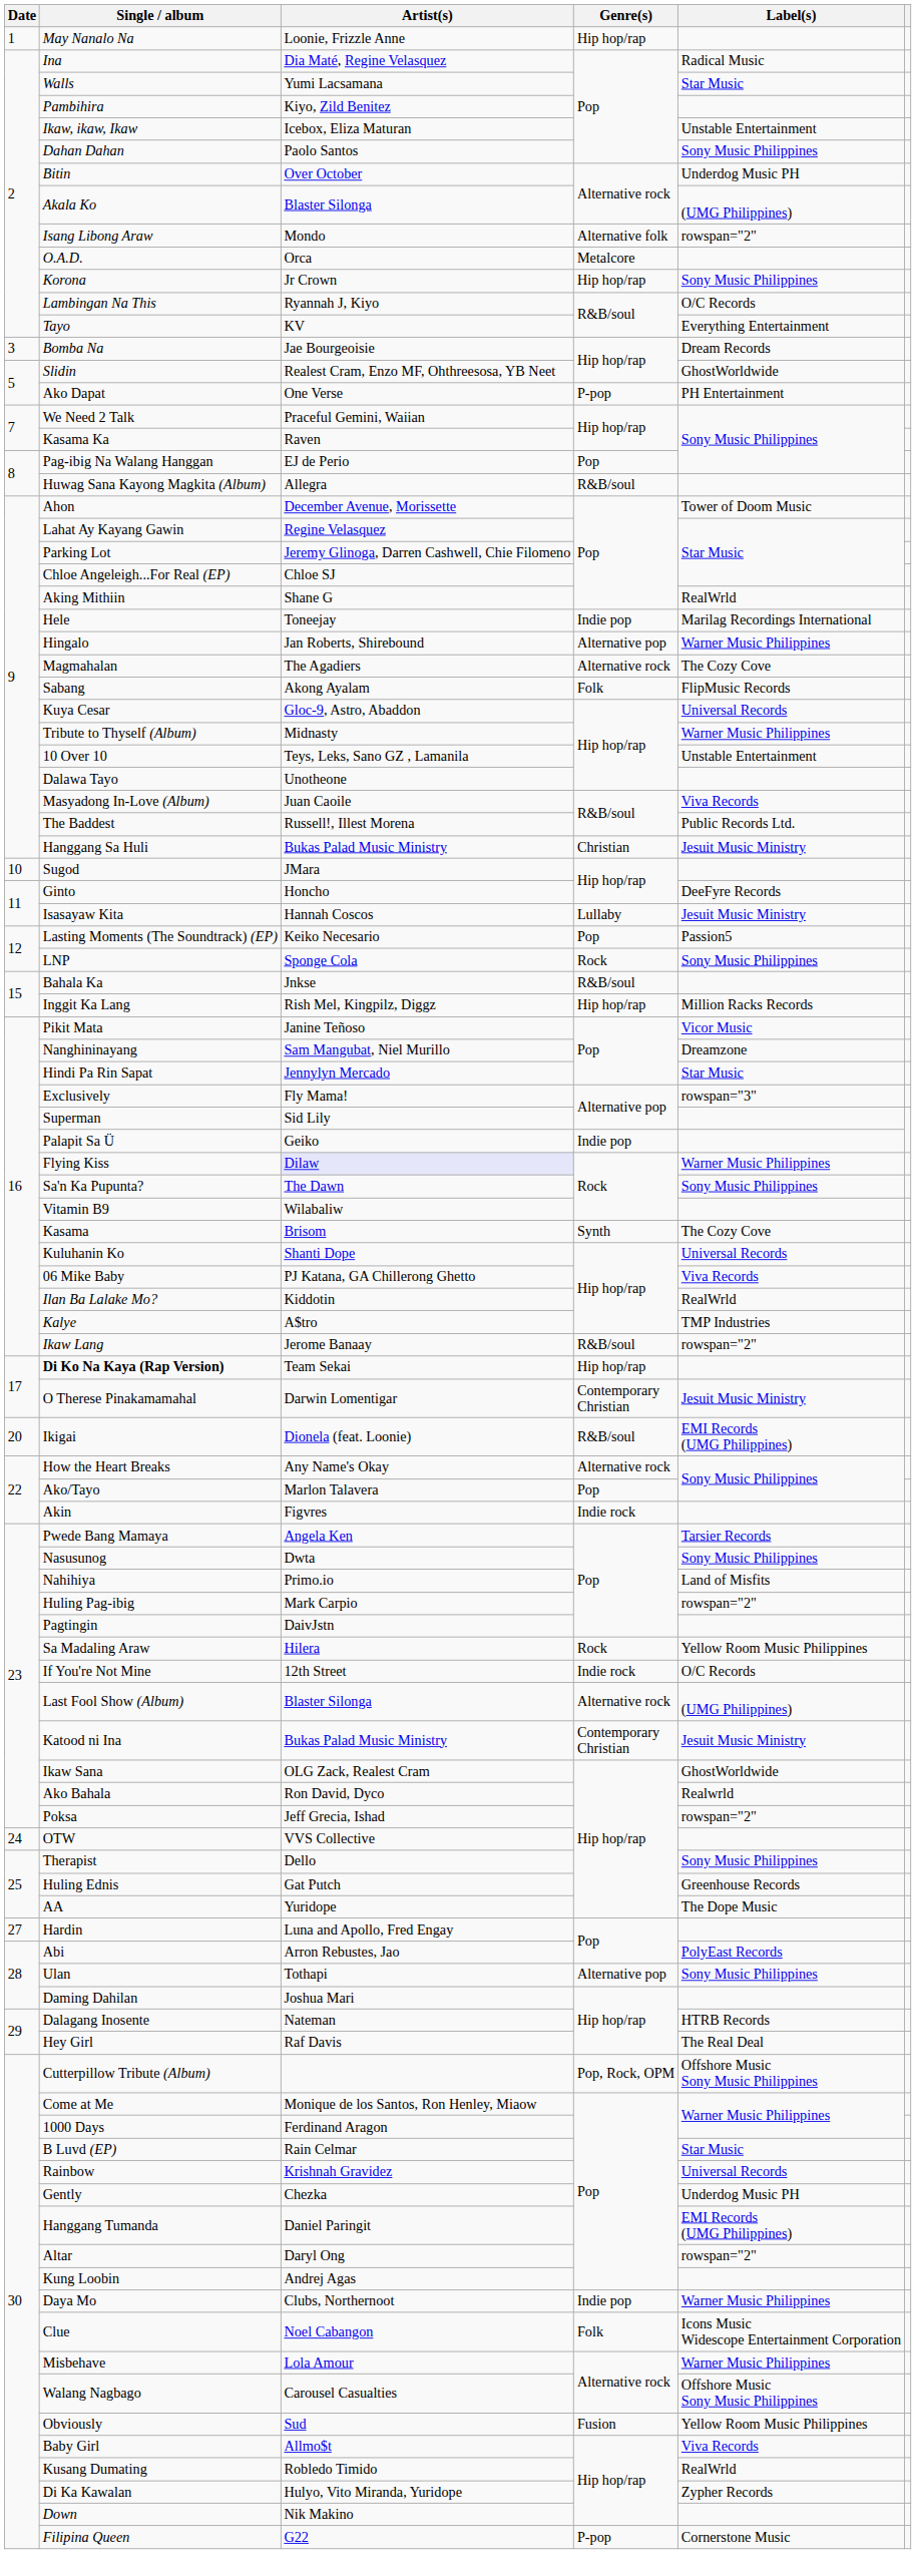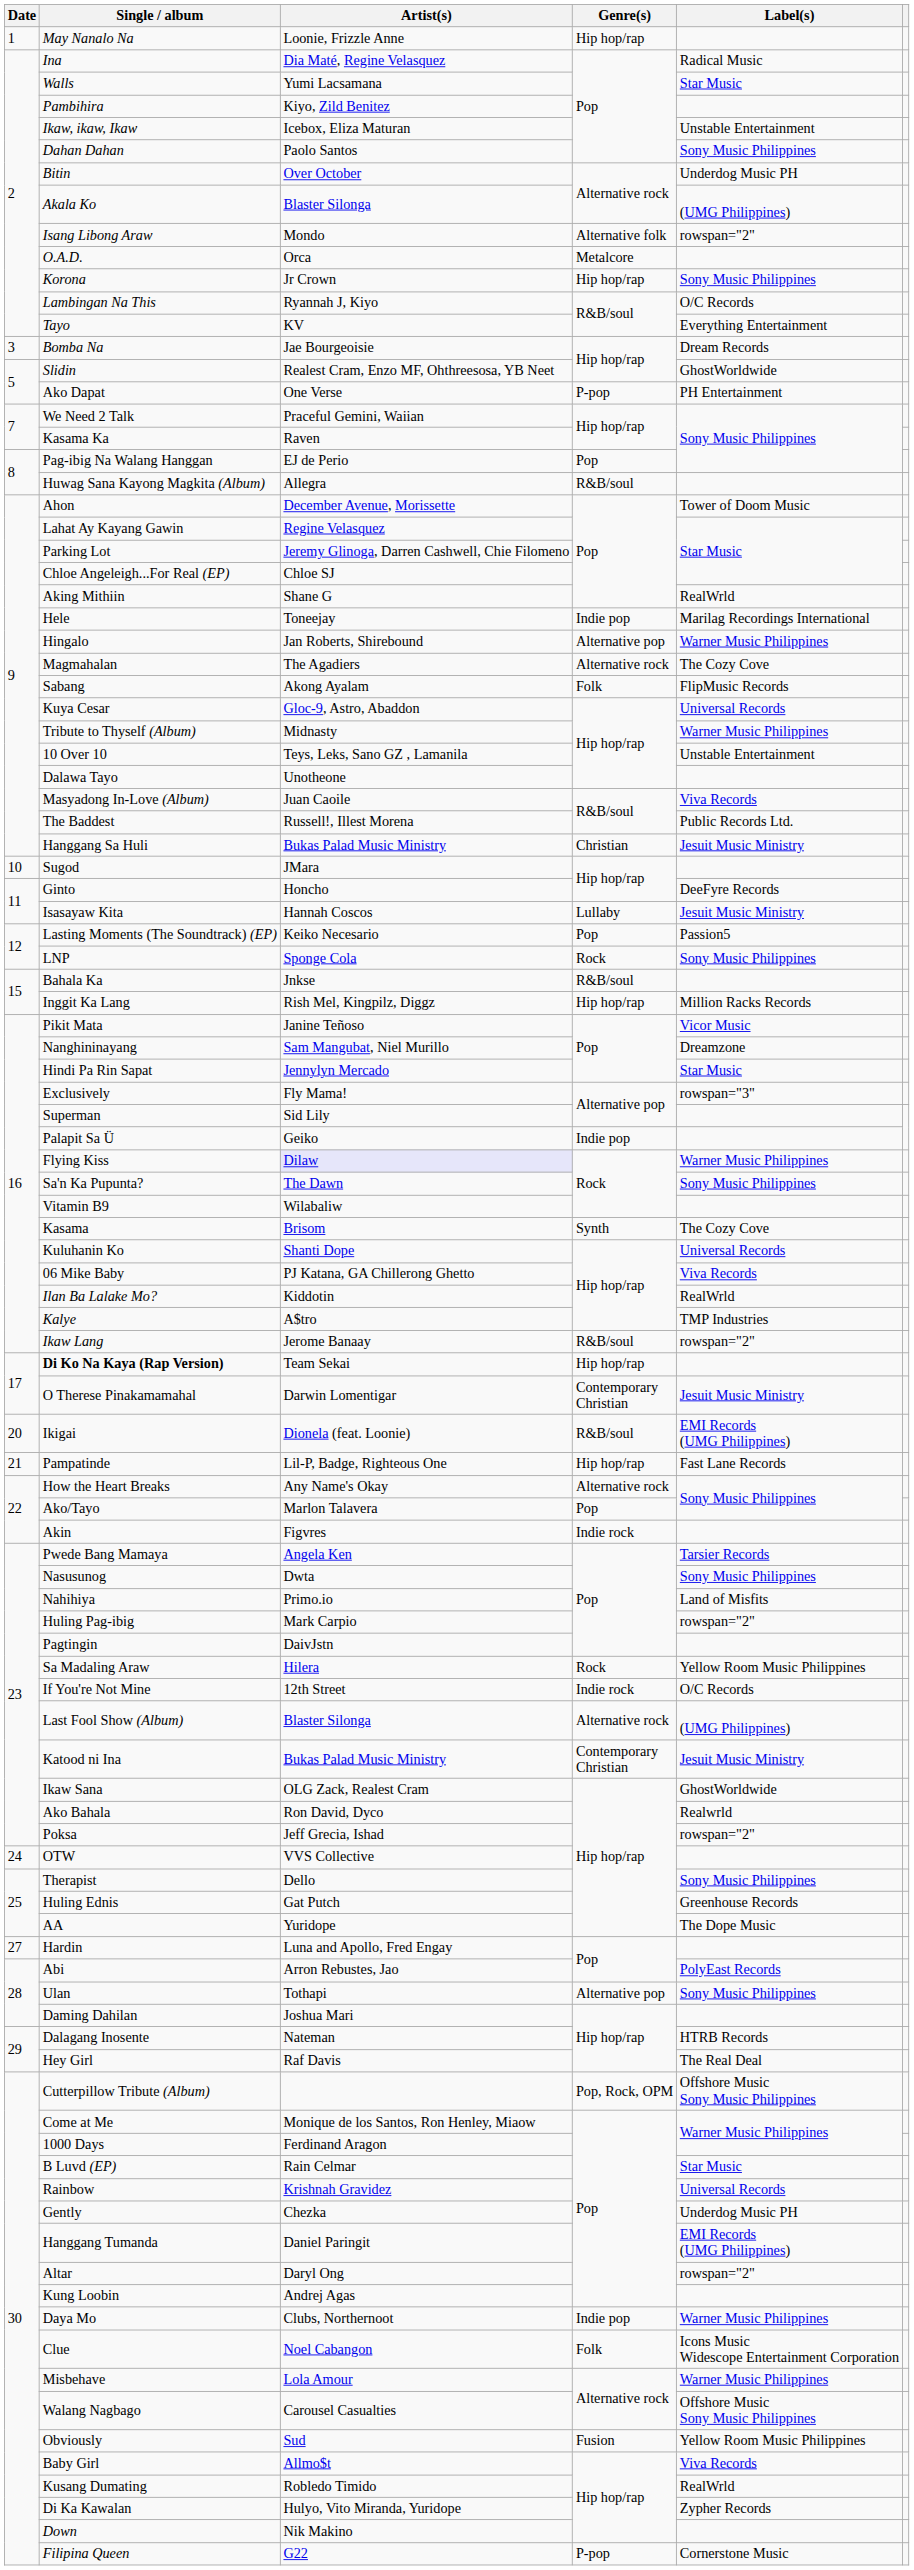 <table class="wikitable">
 <tr>
 <th>Date</th>
 <th>Single / album</th>
 <th>Artist(s)</th>
 <th>Genre(s)</th>
 <th>Label(s)</th>
 <th></th>
 </tr>
 <tr>
 <td>1</td>
 <td><em>May Nanalo Na</em></td>
 <td>Loonie, Frizzle Anne</td>
 <td>Hip hop/rap</td>
 <td></td>
 <td></td>
 </tr>
 <tr>
 <td rowspan="12">2</td>
 <td><em>Ina</em></td>
 <td><a href='#'>Dia Maté</a>, <a href='#'>Regine Velasquez</a></td>
 <td rowspan="5">Pop</td>
 <td>Radical Music</td>
 <td></td>
 </tr>
 <tr>
 <td><em>Walls</em></td>
 <td>Yumi Lacsamana</td>
 <td><a href='#'>Star Music</a></td>
 <td></td>
 </tr>
 <tr>
 <td><em>Pambihira</em></td>
 <td>Kiyo, <a href='#'>Zild Benitez</a></td>
 <td></td>
 <td></td>
 </tr>
 <tr>
 <td><em>Ikaw, ikaw, Ikaw</em></td>
 <td>Icebox, Eliza Maturan</td>
 <td>Unstable Entertainment</td>
 <td></td>
 </tr>
 <tr>
 <td><em>Dahan Dahan</em></td>
 <td>Paolo Santos</td>
 <td><a href='#'>Sony Music Philippines</a></td>
 <td></td>
 </tr>
 <tr>
 <td><em>Bitin</em></td>
 <td><a href='#'>Over October</a></td>
 <td rowspan="2">Alternative rock</td>
 <td>Underdog Music PH</td>
 <td></td>
 </tr>
 <tr>
 <td><em>Akala Ko</em></td>
 <td><a href='#'>Blaster Silonga</a></td>
 <td><br>(<a href='#'>UMG Philippines</a>)</td>
 <td></td>
 </tr>
 <tr>
 <td><em>Isang Libong Araw</em></td>
 <td>Mondo</td>
 <td>Alternative folk</td>
 <td>rowspan="2" </td>
 <td></td>
 </tr>
 <tr>
 <td><em>O.A.D.</em></td>
 <td>Orca</td>
 <td>Metalcore</td>
 <td></td>
 </tr>
 <tr>
 <td><em>Korona</em></td>
 <td>Jr Crown</td>
 <td>Hip hop/rap</td>
 <td><a href='#'>Sony Music Philippines</a></td>
 <td></td>
 </tr>
 <tr>
 <td><em>Lambingan Na This</em></td>
 <td>Ryannah J, Kiyo</td>
 <td rowspan="2">R&B/soul</td>
 <td>O/C Records</td>
 <td></td>
 </tr>
 <tr>
 <td><em>Tayo</em></td>
 <td>KV</td>
 <td>Everything Entertainment</td>
 <td></td>
 </tr>
 <tr>
 <td>3</td>
 <td><em>Bomba Na</em></td>
 <td>Jae Bourgeoisie</td>
 <td rowspan="2">Hip hop/rap</td>
 <td>Dream Records</td>
 <td></td>
 </tr>
 <tr>
 <td rowspan="2">5</td>
 <td><em>Slidin<strong></td>
 <td>Realest Cram, Enzo MF, Ohthreesosa, YB Neet</td>
 <td>GhostWorldwide</td>
 <td></td>
 </tr>
 <tr>
 <td></em>Ako Dapat<em></td>
 <td>One Verse</td>
 <td>P-pop</td>
 <td>PH Entertainment</td>
 <td></td>
 </tr>
 <tr>
 <td rowspan="2">7</td>
 <td></em>We Need 2 Talk<em></td>
 <td>Praceful Gemini, Waiian</td>
 <td rowspan="2">Hip hop/rap</td>
 <td rowspan="3"><a href='#'>Sony Music Philippines</a></td>
 <td></td>
 </tr>
 <tr>
 <td></em>Kasama Ka<em></td>
 <td>Raven</td>
 <td></td>
 </tr>
 <tr>
 <td rowspan="2">8</td>
 <td></em>Pag-ibig Na Walang Hanggan<em></td>
 <td>EJ de Perio</td>
 <td>Pop</td>
 <td></td>
 </tr>
 <tr>
 <td></em>Huwag Sana Kayong Magkita<em> (Album)</td>
 <td>Allegra</td>
 <td>R&B/soul</td>
 <td></td>
 <td></td>
 </tr>
 <tr>
 <td rowspan="16">9</td>
 <td></em>Ahon<em></td>
 <td><a href='#'>December Avenue</a>, <a href='#'>Morissette</a></td>
 <td rowspan="5">Pop</td>
 <td>Tower of Doom Music</td>
 <td></td>
 </tr>
 <tr>
 <td></em>Lahat Ay Kayang Gawin<em></td>
 <td><a href='#'>Regine Velasquez</a></td>
 <td rowspan="3"><a href='#'>Star Music</a></td>
 <td></td>
 </tr>
 <tr>
 <td></em>Parking Lot<em></td>
 <td><a href='#'>Jeremy Glinoga</a>, Darren Cashwell, Chie Filomeno</td>
 <td></td>
 </tr>
 <tr>
 <td></em>Chloe Angeleigh...For Real<em> (EP)</td>
 <td>Chloe SJ</td>
 <td></td>
 </tr>
 <tr>
 <td></em>Aking Mithiin<em></td>
 <td>Shane G</td>
 <td>RealWrld</td>
 <td></td>
 </tr>
 <tr>
 <td></em>Hele<em></td>
 <td>Toneejay</td>
 <td>Indie pop</td>
 <td>Marilag Recordings International</td>
 <td></td>
 </tr>
 <tr>
 <td></em>Hingalo<em></td>
 <td>Jan Roberts, Shirebound</td>
 <td>Alternative pop</td>
 <td><a href='#'>Warner Music Philippines</a></td>
 <td></td>
 </tr>
 <tr>
 <td></em>Magmahalan<em></td>
 <td>The Agadiers</td>
 <td>Alternative rock</td>
 <td>The Cozy Cove</td>
 <td></td>
 </tr>
 <tr>
 <td></em>Sabang<em></td>
 <td>Akong Ayalam</td>
 <td>Folk</td>
 <td>FlipMusic Records</td>
 <td></td>
 </tr>
 <tr>
 <td></em>Kuya Cesar<em></td>
 <td><a href='#'>Gloc-9</a>, Astro, Abaddon</td>
 <td rowspan="4">Hip hop/rap</td>
 <td><a href='#'>Universal Records</a></td>
 <td></td>
 </tr>
 <tr>
 <td></em>Tribute to Thyself<em> (Album)</td>
 <td>Midnasty</td>
 <td><a href='#'>Warner Music Philippines</a></td>
 <td></td>
 </tr>
 <tr>
 <td></em>10 Over 10<em></td>
 <td>Teys, Leks, Sano GZ , Lamanila</td>
 <td>Unstable Entertainment</td>
 <td></td>
 </tr>
 <tr>
 <td></em>Dalawa Tayo<em></td>
 <td>Unotheone</td>
 <td></td>
 <td></td>
 </tr>
 <tr>
 <td></em>Masyadong In-Love<em> (Album)</td>
 <td>Juan Caoile</td>
 <td rowspan="2">R&B/soul</td>
 <td><a href='#'>Viva Records</a></td>
 <td></td>
 </tr>
 <tr>
 <td></em>The Baddest<em></td>
 <td>Russell!, Illest Morena</td>
 <td>Public Records Ltd.</td>
 <td></td>
 </tr>
 <tr>
 <td></em>Hanggang Sa Huli<em></td>
 <td><a href='#'>Bukas Palad Music Ministry</a></td>
 <td>Christian</td>
 <td><a href='#'>Jesuit Music Ministry</a></td>
 </tr>
 <tr>
 <td>10</td>
 <td></em>Sugod<em></td>
 <td>JMara</td>
 <td rowspan="2">Hip hop/rap</td>
 <td></td>
 <td></td>
 </tr>
 <tr>
 <td rowspan="2">11</td>
 <td></em>Ginto<em></td>
 <td>Honcho</td>
 <td>DeeFyre Records</td>
 <td></td>
 </tr>
 <tr>
 <td></em>Isasayaw Kita<em></td>
 <td>Hannah Coscos</td>
 <td>Lullaby</td>
 <td><a href='#'>Jesuit Music Ministry</a></td>
 <td></td>
 </tr>
 <tr>
 <td rowspan="2">12</td>
 <td></em>Lasting Moments (The Soundtrack)<em> (EP)</td>
 <td>Keiko Necesario</td>
 <td>Pop</td>
 <td>Passion5</td>
 <td></td>
 </tr>
 <tr>
 <td></em>LNP<em></td>
 <td><a href='#'>Sponge Cola</a></td>
 <td>Rock</td>
 <td><a href='#'>Sony Music Philippines</a></td>
 <td></td>
 </tr>
 <tr>
 <td rowspan="2">15</td>
 <td></em>Bahala Ka<em></td>
 <td>Jnkse</td>
 <td>R&B/soul</td>
 <td></td>
 <td></td>
 </tr>
 <tr>
 <td></em>Inggit Ka Lang<em></td>
 <td>Rish Mel, Kingpilz, Diggz</td>
 <td>Hip hop/rap</td>
 <td>Million Racks Records</td>
 </tr>
 <tr>
 <td rowspan="15">16</td>
 <td></em>Pikit Mata<em></td>
 <td>Janine Teñoso</td>
 <td rowspan="3">Pop</td>
 <td><a href='#'>Vicor Music</a></td>
 <td></td>
 </tr>
 <tr>
 <td></em>Nanghininayang<em></td>
 <td><a href='#'>Sam Mangubat</a>, Niel Murillo</td>
 <td>Dreamzone</td>
 <td></td>
 </tr>
 <tr>
 <td></em>Hindi Pa Rin Sapat<em></td>
 <td><a href='#'>Jennylyn Mercado</a></td>
 <td><a href='#'>Star Music</a></td>
 <td></td>
 </tr>
 <tr>
 <td></em>Exclusively<em></td>
 <td>Fly Mama!</td>
 <td rowspan="2">Alternative pop</td>
 <td>rowspan="3" </td>
 <td></td>
 </tr>
 <tr>
 <td></em>Superman<em></td>
 <td>Sid Lily</td>
 <td></td>
 </tr>
 <tr>
 <td></em>Palapit Sa Ü<em></td>
 <td>Geiko</td>
 <td>Indie pop</td>
 <td></td>
 </tr>
 <tr>
 <td></em>Flying Kiss<em></td>
 <td style="background: lavender;"><a href='#'>Dilaw</a></td>
 <td rowspan="3">Rock</td>
 <td><a href='#'>Warner Music Philippines</a></td>
 <td></td>
 </tr>
 <tr>
 <td></em>Sa'n Ka Pupunta?<em></td>
 <td><a href='#'>The Dawn</a></td>
 <td><a href='#'>Sony Music Philippines</a></td>
 <td></td>
 </tr>
 <tr>
 <td></em>Vitamin B9<em></td>
 <td>Wilabaliw</td>
 <td></td>
 <td></td>
 </tr>
 <tr>
 <td></em>Kasama<em></td>
 <td><a href='#'>Brisom</a></td>
 <td>Synth</td>
 <td>The Cozy Cove</td>
 <td></td>
 </tr>
 <tr>
 <td></em>Kuluhanin Ko<em></td>
 <td><a href='#'>Shanti Dope</a></td>
 <td rowspan="4">Hip hop/rap</td>
 <td><a href='#'>Universal Records</a></td>
 <td></td>
 </tr>
 <tr>
 <td></strong>06 Mike Baby</em></td>
 <td>PJ Katana, GA Chillerong Ghetto</td>
 <td><a href='#'>Viva Records</a></td>
 <td></td>
 </tr>
 <tr>
 <td><em>Ilan Ba Lalake Mo?</em></td>
 <td>Kiddotin</td>
 <td>RealWrld</td>
 <td></td>
 </tr>
 <tr>
 <td><em>Kalye</em></td>
 <td>A$tro</td>
 <td>TMP Industries</td>
 <td></td>
 </tr>
 <tr>
 <td><em>Ikaw Lang</em></td>
 <td>Jerome Banaay</td>
 <td>R&B/soul</td>
 <td>rowspan="2" </td>
 <td></td>
 </tr>
 <tr>
 <td rowspan="2">17</td>
 <td><strong>Di Ko Na Kaya (Rap Version)<em></td>
 <td>Team Sekai</td>
 <td>Hip hop/rap</td>
 <td></td>
 </tr>
 <tr>
 <td></em>O Therese Pinakamamahal<em></td>
 <td>Darwin Lomentigar</td>
 <td>Contemporary<br>Christian</td>
 <td><a href='#'>Jesuit Music Ministry</a></td>
 <td></td>
 </tr>
 <tr>
 <td>20</td>
 <td></em>Ikigai<em></td>
 <td><a href='#'>Dionela</a> (feat. Loonie)</td>
 <td>R&B/soul</td>
 <td><a href='#'>EMI Records</a><br>(<a href='#'>UMG Philippines</a>)</td>
 </tr>
 <tr>
+<td>21</td>
+<td></em>Pampatinde<em></td>
+<td>Lil-P, Badge, Righteous One</td>
+<td>Hip hop/rap</td>
+<td>Fast Lane Records</td>
+<td></td>
+</tr>
+<tr>
 <td rowspan="3">22</td>
 <td></em>How the Heart Breaks<em></td>
 <td>Any Name's Okay</td>
 <td>Alternative rock</td>
 <td rowspan="2"><a href='#'>Sony Music Philippines</a></td>
 <td></td>
 </tr>
 <tr>
 <td></em>Ako/Tayo<em></td>
 <td>Marlon Talavera</td>
 <td>Pop</td>
 <td></td>
 </tr>
 <tr>
 <td></em>Akin<em></td>
 <td>Figvres</td>
 <td>Indie rock</td>
 <td></td>
 <td></td>
 </tr>
 <tr>
 <td rowspan="12">23</td>
 <td></em>Pwede Bang Mamaya<em></td>
 <td><a href='#'>Angela Ken</a></td>
 <td rowspan="5">Pop</td>
 <td><a href='#'>Tarsier Records</a></td>
 <td></td>
 </tr>
 <tr>
 <td></em>Nasusunog<em></td>
 <td>Dwta</td>
 <td><a href='#'>Sony Music Philippines</a></td>
 <td></td>
 </tr>
 <tr>
 <td></em>Nahihiya<em></td>
 <td>Primo.io</td>
 <td>Land of Misfits</td>
 <td></td>
 </tr>
 <tr>
 <td></em>Huling Pag-ibig<em></td>
 <td>Mark Carpio</td>
 <td>rowspan="2" </td>
 <td></td>
 </tr>
 <tr>
 <td></em>Pagtingin<em></td>
 <td>DaivJstn</td>
 <td></td>
 </tr>
 <tr>
 <td></em>Sa Madaling Araw<em></td>
 <td><a href='#'>Hilera</a></td>
 <td>Rock</td>
 <td>Yellow Room Music Philippines</td>
 <td></td>
 </tr>
 <tr>
 <td></em>If You're Not Mine<em></td>
 <td>12th Street</td>
 <td>Indie rock</td>
 <td>O/C Records</td>
 <td></td>
 </tr>
 <tr>
 <td></em>Last Fool Show<em> (Album)</td>
 <td><a href='#'>Blaster Silonga</a></td>
 <td>Alternative rock</td>
 <td><br>(<a href='#'>UMG Philippines</a>)</td>
 <td></td>
 </tr>
 <tr>
 <td></em>Katood ni Ina<em></td>
 <td><a href='#'>Bukas Palad Music Ministry</a></td>
 <td>Contemporary<br>Christian</td>
 <td><a href='#'>Jesuit Music Ministry</a></td>
 <td></td>
 </tr>
 <tr>
 <td></em>Ikaw Sana<em></td>
 <td>OLG Zack, Realest Cram</td>
 <td rowspan="7">Hip hop/rap</td>
 <td>GhostWorldwide</td>
 <td></td>
 </tr>
 <tr>
 <td></em>Ako Bahala<em></td>
 <td>Ron David, Dyco</td>
 <td>Realwrld</td>
 <td></td>
 </tr>
 <tr>
 <td></em>Poksa<em></td>
 <td>Jeff Grecia, Ishad</td>
 <td>rowspan="2" </td>
 <td></td>
 </tr>
 <tr>
 <td>24</td>
 <td></em>OTW<em></td>
 <td>VVS Collective</td>
 <td></td>
 </tr>
 <tr>
 <td rowspan="3">25</td>
 <td></em>Therapist<em></td>
 <td>Dello</td>
 <td><a href='#'>Sony Music Philippines</a></td>
 <td></td>
 </tr>
 <tr>
 <td></em>Huling Ednis<em></td>
 <td>Gat Putch</td>
 <td>Greenhouse Records</td>
 <td></td>
 </tr>
 <tr>
 <td></em>AA<em></td>
 <td>Yuridope</td>
 <td>The Dope Music</td>
 <td></td>
 </tr>
 <tr>
 <td>27</td>
 <td></em>Hardin<em></td>
 <td>Luna and Apollo, Fred Engay</td>
 <td rowspan="2">Pop</td>
 <td></td>
 <td></td>
 </tr>
 <tr>
 <td rowspan="3">28</td>
 <td></em>Abi<em></td>
 <td>Arron Rebustes, Jao</td>
 <td><a href='#'>PolyEast Records</a></td>
 <td></td>
 </tr>
 <tr>
 <td></em>Ulan<em></td>
 <td>Tothapi</td>
 <td>Alternative pop</td>
 <td><a href='#'>Sony Music Philippines</a></td>
 <td></td>
 </tr>
 <tr>
 <td></em>Daming Dahilan<em></td>
 <td>Joshua Mari</td>
 <td rowspan="3">Hip hop/rap</td>
 <td></td>
 <td></td>
 </tr>
 <tr>
 <td rowspan="2">29</td>
 <td></em>Dalagang Inosente<em></td>
 <td>Nateman</td>
 <td>HTRB Records</td>
 <td></td>
 </tr>
 <tr>
 <td></em>Hey Girl<em></td>
 <td>Raf Davis</td>
 <td>The Real Deal</td>
 <td></td>
 </tr>
 <tr>
 <td rowspan="19">30</td>
 <td></em>Cutterpillow Tribute<em> (Album)</td>
 <td></td>
 <td>Pop, Rock, OPM</td>
 <td>Offshore Music<br><a href='#'>Sony Music Philippines</a></td>
 <td></td>
 </tr>
 <tr>
 <td></em>Come at Me<em></td>
 <td>Monique de los Santos, Ron Henley, Miaow</td>
 <td rowspan="8">Pop</td>
 <td rowspan="2"><a href='#'>Warner Music Philippines</a></td>
 <td></td>
 </tr>
 <tr>
 <td></em>1000 Days<em></td>
 <td>Ferdinand Aragon</td>
 <td></td>
 </tr>
 <tr>
 <td></em>B Luvd<em> (EP)</td>
 <td>Rain Celmar</td>
 <td><a href='#'>Star Music</a></td>
 <td></td>
 </tr>
 <tr>
 <td></em>Rainbow<em></td>
 <td><a href='#'>Krishnah Gravidez</a></td>
 <td><a href='#'>Universal Records</a></td>
 <td></td>
 </tr>
 <tr>
 <td></em>Gently<em></td>
 <td>Chezka</td>
 <td>Underdog Music PH</td>
 <td></td>
 </tr>
 <tr>
 <td></em>Hanggang Tumanda<em></td>
 <td>Daniel Paringit</td>
 <td><a href='#'>EMI Records</a><br>(<a href='#'>UMG Philippines</a>)</td>
 <td></td>
 </tr>
 <tr>
 <td></em>Altar<em></td>
 <td>Daryl Ong</td>
 <td>rowspan="2" </td>
 <td></td>
 </tr>
 <tr>
 <td></em>Kung Loobin<em></td>
 <td>Andrej Agas</td>
 <td></td>
 </tr>
 <tr>
 <td></em>Daya Mo<em></td>
 <td>Clubs, Northernoot</td>
 <td>Indie pop</td>
 <td><a href='#'>Warner Music Philippines</a></td>
 <td></td>
 </tr>
 <tr>
 <td></em>Clue<em></td>
 <td><a href='#'>Noel Cabangon</a></td>
 <td>Folk</td>
 <td>Icons Music<br>Widescope Entertainment Corporation</td>
 <td></td>
 </tr>
 <tr>
 <td></em>Misbehave<em></td>
 <td><a href='#'>Lola Amour</a></td>
 <td rowspan="2">Alternative rock</td>
 <td><a href='#'>Warner Music Philippines</a></td>
 <td></td>
 </tr>
 <tr>
 <td></em>Walang Nagbago<em></td>
 <td>Carousel Casualties</td>
 <td>Offshore Music<br><a href='#'>Sony Music Philippines</a></td>
 <td></td>
 </tr>
 <tr>
 <td></em>Obviously<em></td>
 <td><a href='#'>Sud</a></td>
 <td>Fusion</td>
 <td>Yellow Room Music Philippines</td>
 <td></td>
 </tr>
 <tr>
 <td></em>Baby Girl<em></td>
 <td><a href='#'>Allmo$t</a></td>
 <td rowspan="4">Hip hop/rap</td>
 <td><a href='#'>Viva Records</a></td>
 <td></td>
 </tr>
 <tr>
 <td></em>Kusang Dumating<em></td>
 <td>Robledo Timido</td>
 <td>RealWrld</td>
 <td></td>
 </tr>
 <tr>
 <td></strong>Di Ka Kawalan</em></td>
 <td>Hulyo, Vito Miranda, Yuridope</td>
 <td>Zypher Records</td>
 <td></td>
 </tr>
 <tr>
 <td><em>Down</em></td>
 <td>Nik Makino</td>
 <td></td>
 <td></td>
 </tr>
 <tr>
 <td><em>Filipina Queen</em></td>
 <td><a href='#'>G22</a></td>
 <td>P-pop</td>
 <td>Cornerstone Music</td>
 <td></td>
 </tr>
 </table>
